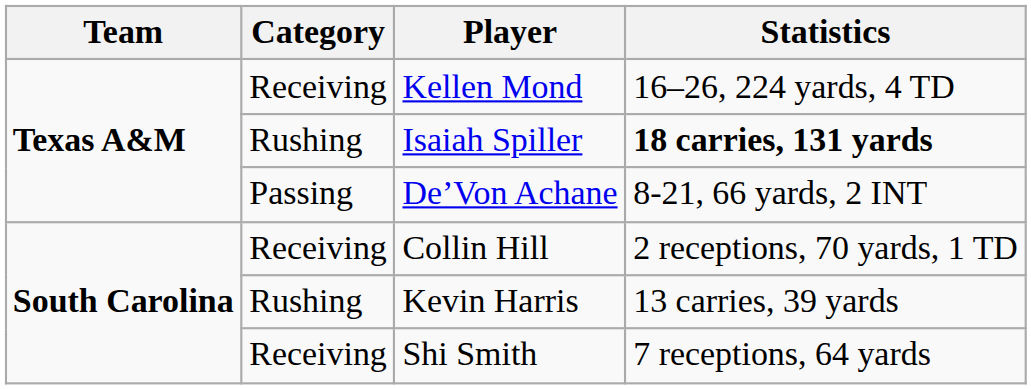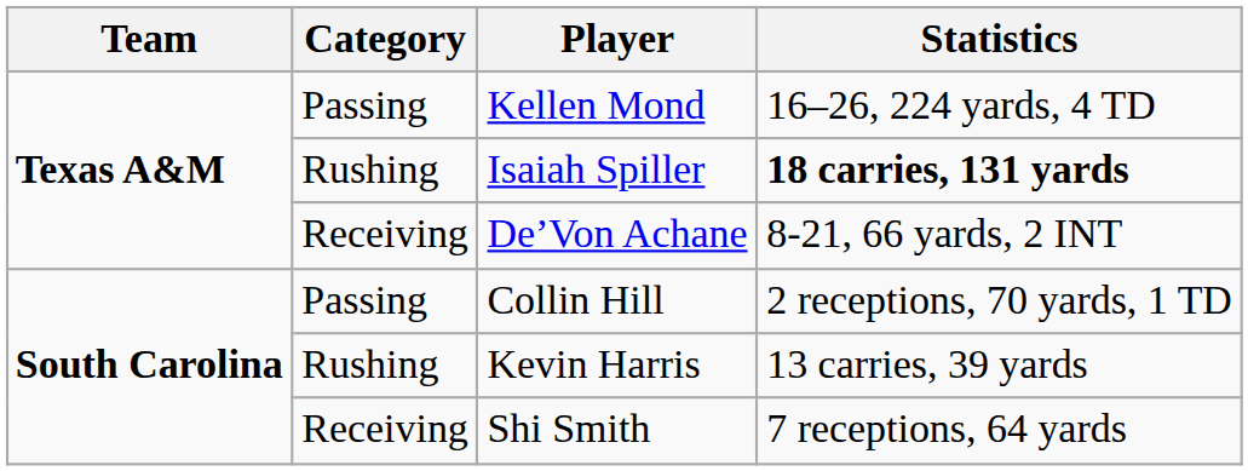 <table class="wikitable" style="float: right;">
 <tr>
 <th>Team</th>
 <th>Category</th>
 <th>Player</th>
 <th>Statistics</th>
 </tr>
 <tr>
 <td rowspan=3><strong>Texas A&M</strong></td>
-<td>Receiving</td>
+<td>Passing</td>
 <td><a href='#'>Kellen Mond</a></td>
 <td>16–26, 224 yards, 4 TD</td>
 </tr>
 <tr>
 <td>Rushing</td>
 <td><a href='#'>Isaiah Spiller</a></td>
 <td><strong>18 carries, 131 yards</strong></td>
 </tr>
 <tr>
-<td>Passing</td>
+<td>Receiving</td>
 <td><a href='#'>De’Von Achane</a></td>
 <td>8-21, 66 yards, 2 INT</td>
 </tr>
 <tr>
 <td rowspan=3><strong>South Carolina</strong></td>
-<td>Receiving</td>
+<td>Passing</td>
 <td>Collin Hill</td>
 <td>2 receptions, 70 yards, 1 TD</td>
 </tr>
 <tr>
 <td>Rushing</td>
 <td>Kevin Harris</td>
 <td>13 carries, 39 yards</td>
 </tr>
 <tr>
 <td>Receiving</td>
 <td>Shi Smith</td>
 <td>7 receptions, 64 yards</td>
 </tr>
 </table>
